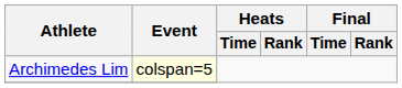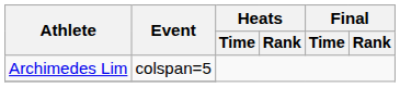 <table class="wikitable" style="font-size:90%">
 <tr>
 <th rowspan=2>Athlete</th>
 <th rowspan=2>Event</th>
 <th colspan=2>Heats</th>
 <th colspan=2>Final</th>
 </tr>
 <tr style="font-size:95%">
 <th>Time</th>
 <th>Rank</th>
 <th>Time</th>
 <th>Rank</th>
 </tr>
 <tr>
 <td><a href='#'>Archimedes Lim</a></td>
-<td style="background: lightyellow;">colspan=5</td>
+<td>colspan=5</td>
 </tr>
 <tr>
 </tr>
 </table>
